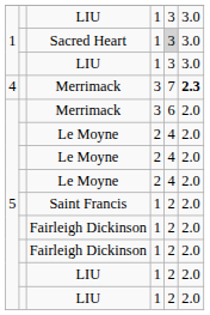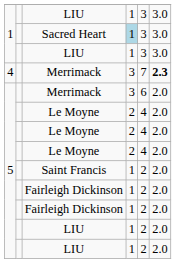 <table class="wikitable sortable" style="text-align:center">
 <tr>
 </tr>
 <tr>
 <td rowspan="3">1</td>
 <td></td>
 <td>LIU</td>
 <td>1</td>
 <td>3</td>
 <td>3.0</td>
 </tr>
 <tr>
 <td></td>
 <td>Sacred Heart</td>
-<td>1</td>
-<td style="background: lightgrey;">3</td>
+<td style="background: lightblue;">1</td>
+<td>3</td>
 <td>3.0</td>
 </tr>
 <tr>
 <td></td>
 <td>LIU</td>
 <td>1</td>
 <td>3</td>
 <td>3.0</td>
 </tr>
 <tr>
 <td>4</td>
 <td></td>
 <td>Merrimack</td>
 <td>3</td>
 <td>7</td>
 <td><strong>2.3</strong></td>
 </tr>
 <tr>
 <td rowspan="9">5</td>
 <td></td>
 <td>Merrimack</td>
 <td>3</td>
 <td>6</td>
 <td>2.0</td>
 </tr>
 <tr>
 <td></td>
 <td>Le Moyne</td>
 <td>2</td>
 <td>4</td>
 <td>2.0</td>
 </tr>
 <tr>
 <td></td>
 <td>Le Moyne</td>
 <td>2</td>
 <td>4</td>
 <td>2.0</td>
 </tr>
 <tr>
 <td></td>
 <td>Le Moyne</td>
 <td>2</td>
 <td>4</td>
 <td>2.0</td>
 </tr>
 <tr>
 <td></td>
 <td>Saint Francis</td>
 <td>1</td>
 <td>2</td>
 <td>2.0</td>
 </tr>
 <tr>
 <td></td>
 <td>Fairleigh Dickinson</td>
 <td>1</td>
 <td>2</td>
 <td>2.0</td>
 </tr>
 <tr>
 <td></td>
 <td>Fairleigh Dickinson</td>
 <td>1</td>
 <td>2</td>
 <td>2.0</td>
 </tr>
 <tr>
 <td></td>
 <td>LIU</td>
 <td>1</td>
 <td>2</td>
 <td>2.0</td>
 </tr>
 <tr>
 <td></td>
 <td>LIU</td>
 <td>1</td>
 <td>2</td>
 <td>2.0</td>
 </tr>
 </table>
